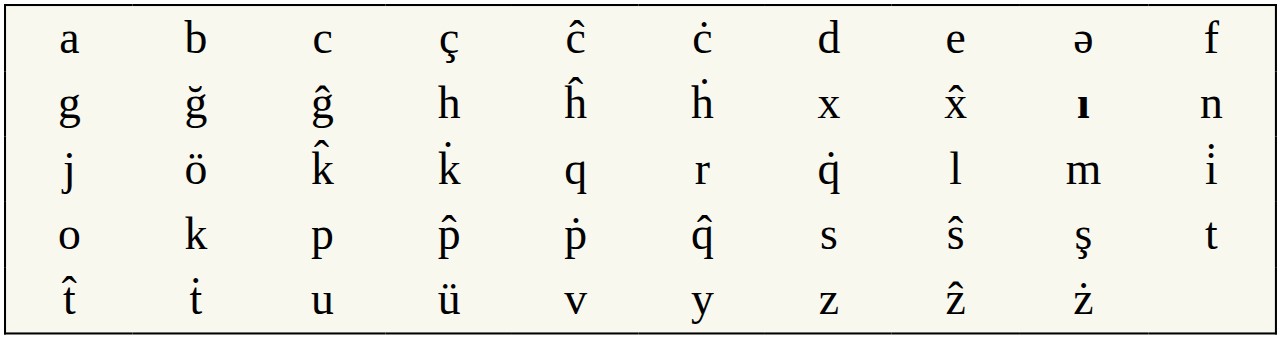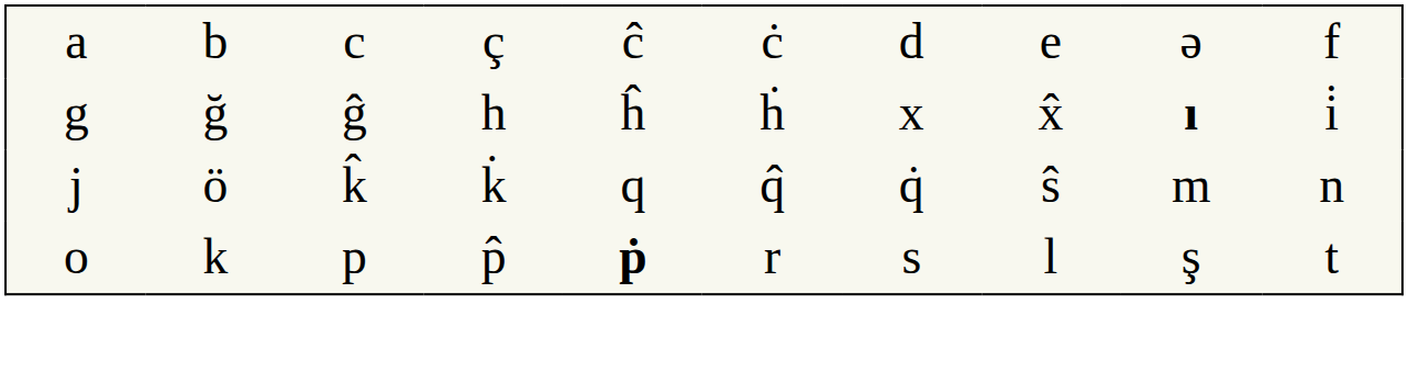 <table style="font-family:Arial Unicode MS; font-size:1.4em; border-color:#000000; border-width:1px; border-style:solid; border-collapse:collapse; background-color:#F8F8EF">
 <tr>
 <td style="width:3em; text-align:center; padding: 3px;">a</td>
 <td style="width:3em; text-align:center; padding: 3px;">b</td>
 <td style="width:3em; text-align:center; padding: 3px;">c</td>
 <td style="width:3em; text-align:center; padding: 3px;">ç</td>
 <td style="width:3em; text-align:center; padding: 3px;">ĉ</td>
 <td style="width:3em; text-align:center; padding: 3px;">ċ</td>
 <td style="width:3em; text-align:center; padding: 3px;">d</td>
 <td style="width:3em; text-align:center; padding: 3px;">e</td>
 <td style="width:3em; text-align:center; padding: 3px;">ə</td>
 <td style="width:3em; text-align:center; padding: 3px;">f</td>
 </tr>
 <tr>
 <td style="width:3em; text-align:center; padding: 3px;">g</td>
 <td style="width:3em; text-align:center; padding: 3px;">ğ</td>
 <td style="width:3em; text-align:center; padding: 3px;">ĝ</td>
 <td style="width:3em; text-align:center; padding: 3px;">h</td>
 <td style="width:3em; text-align:center; padding: 3px;">ĥ</td>
 <td style="width:3em; text-align:center; padding: 3px;">ḣ</td>
 <td style="width:3em; text-align:center; padding: 3px;">x</td>
 <td style="width:3em; text-align:center; padding: 3px;">x̂</td>
 <td style="width:3em; text-align:center; padding: 3px;"><strong>ı</strong></td>
-<td style="width:3em; text-align:center; padding: 3px;">n</td>
+<td style="width:3em; text-align:center; padding: 3px;">i̇</td>
 </tr>
 <tr>
 <td style="width:3em; text-align:center; padding: 3px;">j</td>
 <td style="width:3em; text-align:center; padding: 3px;">ö</td>
 <td style="width:3em; text-align:center; padding: 3px;">k̂</td>
 <td style="width:3em; text-align:center; padding: 3px;">k̇</td>
 <td style="width:3em; text-align:center; padding: 3px;">q</td>
-<td style="width:3em; text-align:center; padding: 3px;">r</td>
+<td style="width:3em; text-align:center; padding: 3px;">q̂</td>
 <td style="width:3em; text-align:center; padding: 3px;">q̇</td>
-<td style="width:3em; text-align:center; padding: 3px;">l</td>
+<td style="width:3em; text-align:center; padding: 3px;">ŝ</td>
 <td style="width:3em; text-align:center; padding: 3px;">m</td>
-<td style="width:3em; text-align:center; padding: 3px;">i̇</td>
+<td style="width:3em; text-align:center; padding: 3px;">n</td>
 </tr>
 <tr>
 <td style="width:3em; text-align:center; padding: 3px;">o</td>
 <td style="width:3em; text-align:center; padding: 3px;">k</td>
 <td style="width:3em; text-align:center; padding: 3px;">p</td>
 <td style="width:3em; text-align:center; padding: 3px;">p̂</td>
-<td style="width:3em; text-align:center; padding: 3px;">ṗ</td>
-<td style="width:3em; text-align:center; padding: 3px;">q̂</td>
+<td style="width:3em; text-align:center; padding: 3px;"><strong>ṗ</strong></td>
+<td style="width:3em; text-align:center; padding: 3px;">r</td>
 <td style="width:3em; text-align:center; padding: 3px;">s</td>
-<td style="width:3em; text-align:center; padding: 3px;">ŝ</td>
+<td style="width:3em; text-align:center; padding: 3px;">l</td>
 <td style="width:3em; text-align:center; padding: 3px;">ş</td>
 <td style="width:3em; text-align:center; padding: 3px;">t</td>
 </tr>
-<tr>
-<td style="width:3em; text-align:center; padding: 3px;">t̂</td>
-<td style="width:3em; text-align:center; padding: 3px;">ṫ</td>
-<td style="width:3em; text-align:center; padding: 3px;">u</td>
-<td style="width:3em; text-align:center; padding: 3px;">ü</td>
-<td style="width:3em; text-align:center; padding: 3px;">v</td>
-<td style="width:3em; text-align:center; padding: 3px;">y</td>
-<td style="width:3em; text-align:center; padding: 3px;">z</td>
-<td style="width:3em; text-align:center; padding: 3px;">ẑ</td>
-<td style="width:3em; text-align:center; padding: 3px;">ż</td>
-<td style="width:3em; text-align:center; padding: 3px;"></td>
-</tr>
 </table>
